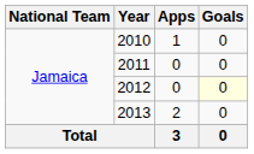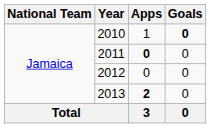 <table class="wikitable" style="text-align:center">
 <tr>
 <th>National Team</th>
 <th>Year</th>
 <th>Apps</th>
 <th>Goals</th>
 </tr>
 <tr>
 <td rowspan="4"><a href='#'>Jamaica</a></td>
 <td>2010</td>
 <td>1</td>
-<td>0</td>
+<td><strong>0</strong></td>
 </tr>
 <tr>
 <td>2011</td>
-<td>0</td>
+<td><strong>0</strong></td>
 <td>0</td>
 </tr>
 <tr>
 <td>2012</td>
 <td>0</td>
-<td style="background: lightyellow;">0</td>
+<td>0</td>
 </tr>
 <tr>
 <td>2013</td>
-<td>2</td>
+<td><strong>2</strong></td>
 <td>0</td>
 </tr>
 <tr>
 <th colspan="2">Total</th>
 <th>3</th>
 <th>0</th>
 </tr>
 </table>
